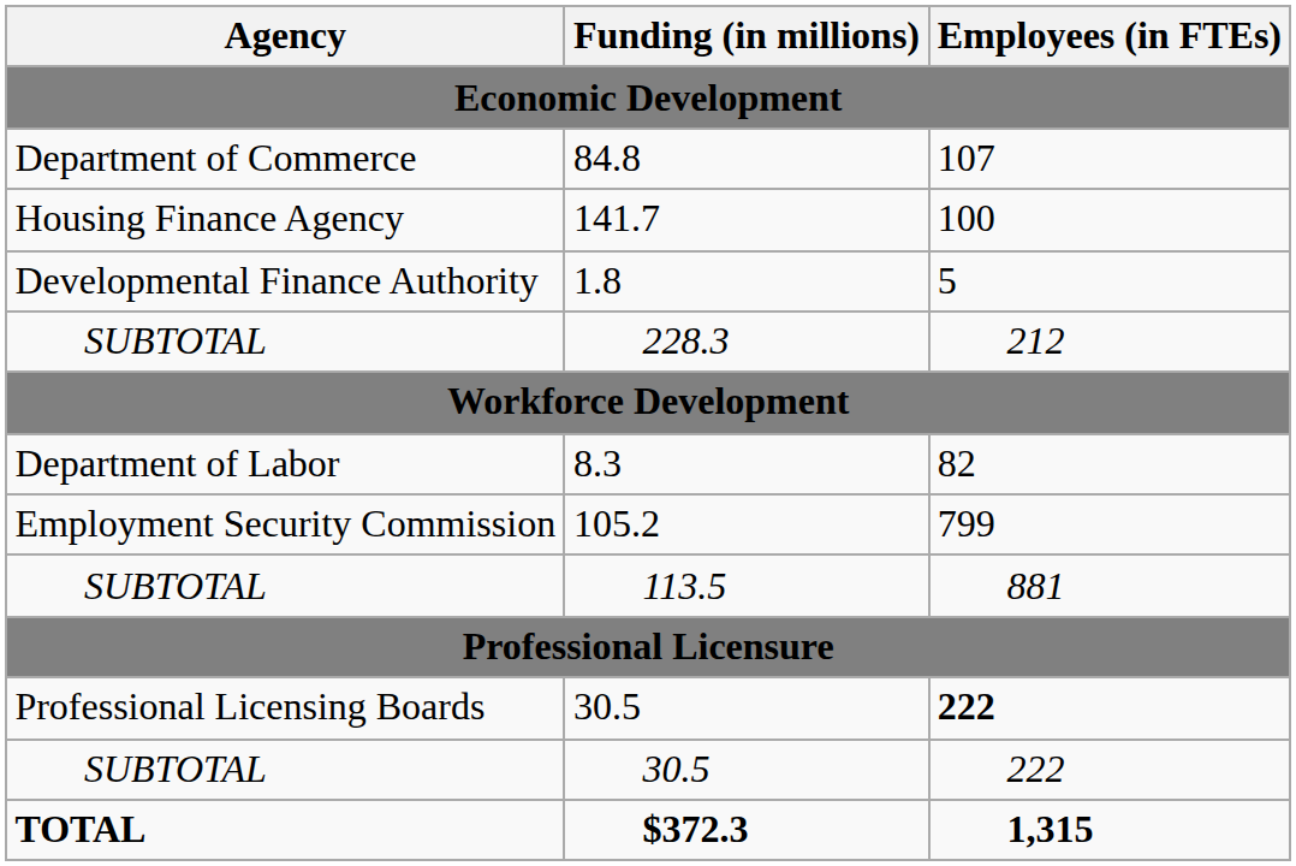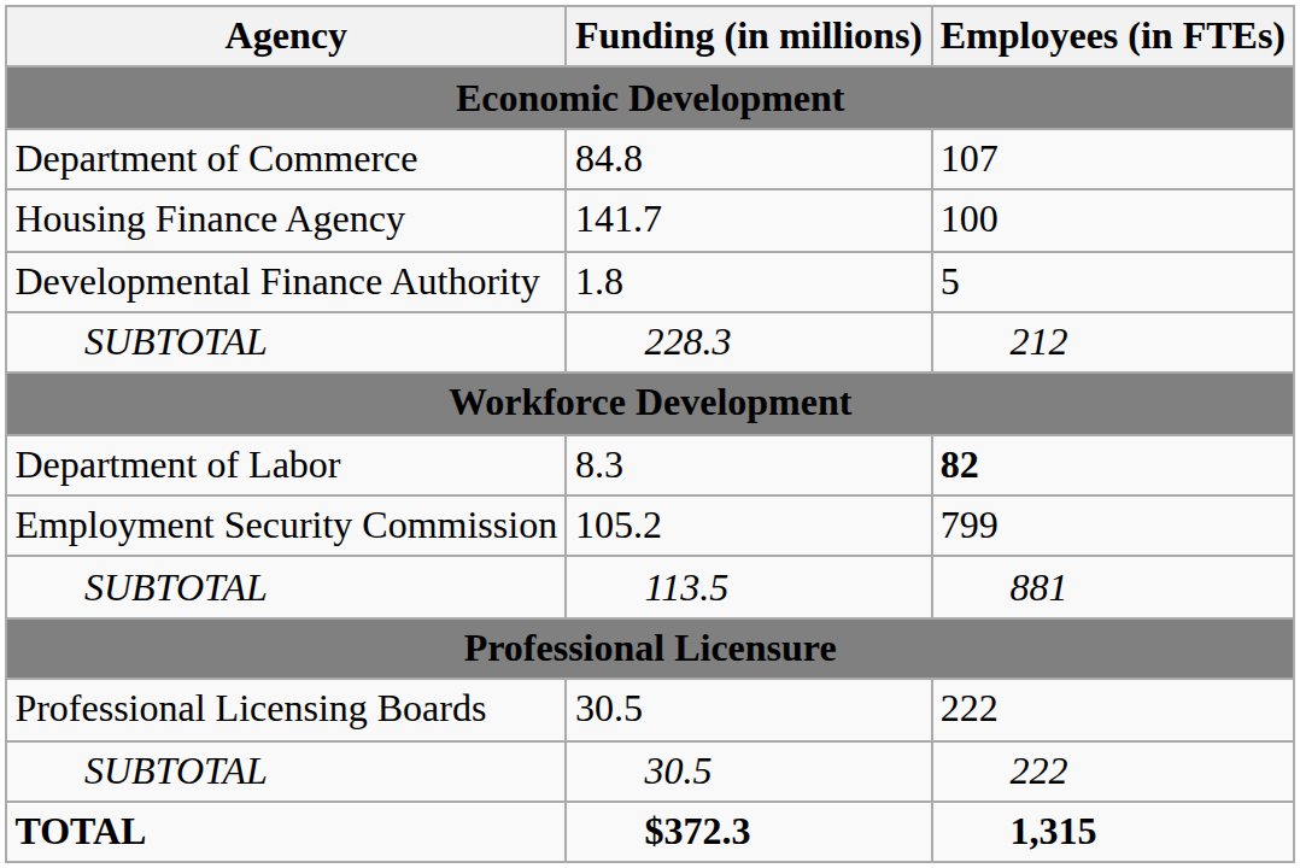 <table class="wikitable">
 <tr>
 <th>Agency</th>
 <th>Funding (in millions)</th>
 <th>Employees (in FTEs)</th>
 </tr>
 <tr>
 <td colspan="3"  style="text-align:center; background:grey;"><strong>Economic Development</strong></td>
 </tr>
 <tr>
 <td>Department of Commerce</td>
 <td>84.8</td>
 <td>107</td>
 </tr>
 <tr>
 <td>Housing Finance Agency</td>
 <td>141.7</td>
 <td>100</td>
 </tr>
 <tr>
 <td>Developmental Finance Authority</td>
 <td>1.8</td>
 <td>5</td>
 </tr>
 <tr>
 <td style="padding-left: 2em;"><em>SUBTOTAL</em></td>
 <td style="padding-left: 2em;"><em>228.3</em></td>
 <td style="padding-left: 2em;"><em>212</em></td>
 </tr>
 <tr>
 <td colspan="3"  style="text-align:center; background:grey;"><strong>Workforce Development</strong></td>
 </tr>
 <tr>
 <td>Department of Labor</td>
 <td>8.3</td>
-<td>82</td>
+<td><strong>82</strong></td>
 </tr>
 <tr>
 <td>Employment Security Commission</td>
 <td>105.2</td>
 <td>799</td>
 </tr>
 <tr>
 <td style="padding-left: 2em;"><em>SUBTOTAL</em></td>
 <td style="padding-left: 2em;"><em>113.5</em></td>
 <td style="padding-left: 2em;"><em>881</em></td>
 </tr>
 <tr>
 <td colspan="3"  style="text-align:center; background:grey;"><strong>Professional Licensure</strong></td>
 </tr>
 <tr>
 <td>Professional Licensing Boards</td>
 <td>30.5</td>
-<td><strong>222</strong></td>
+<td>222</td>
 </tr>
 <tr>
 <td style="padding-left: 2em;"><em>SUBTOTAL</em></td>
 <td style="padding-left: 2em;"><em>30.5</em></td>
 <td style="padding-left: 2em;"><em>222</em></td>
 </tr>
 <tr>
 <td><strong>TOTAL</strong></td>
 <td style="padding-left: 2em;"><strong>$372.3</strong></td>
 <td style="padding-left: 2em;"><strong>1,315</strong></td>
 </tr>
 </table>
